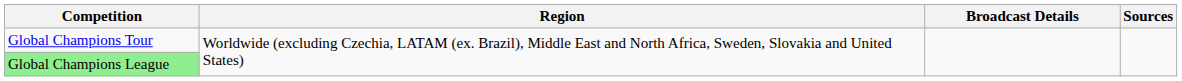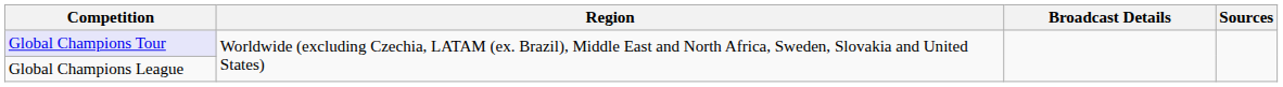 <table class="wikitable">
 <tr>
 <th width="200">Competition</th>
 <th>Region</th>
 <th width="200">Broadcast Details</th>
 <th>Sources</th>
 </tr>
 <tr>
-<td><a href='#'>Global Champions Tour</a></td>
+<td style="background: lavender;"><a href='#'>Global Champions Tour</a></td>
 <td rowspan="2">Worldwide (excluding Czechia, LATAM (ex. Brazil), Middle East and North Africa, Sweden, Slovakia and United States)</td>
 <td rowspan="2"></td>
 <td rowspan="2"></td>
 </tr>
 <tr>
-<td style="background: lightgreen;">Global Champions League</td>
+<td>Global Champions League</td>
 </tr>
 </table>
